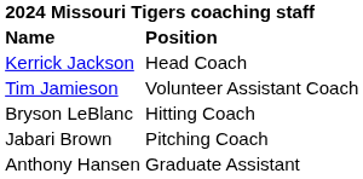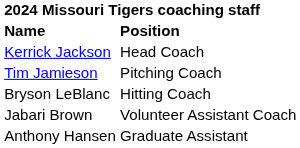 <table class="toccolours" style="text-align: left; font-size:90%;">
 <tr>
 <th colspan="10">2024 Missouri Tigers coaching staff</th>
 </tr>
 <tr>
 <th>Name</th>
 <th>Position</th>
 </tr>
 <tr>
 <td><a href='#'>Kerrick Jackson</a></td>
 <td>Head Coach</td>
 </tr>
 <tr>
 <td><a href='#'>Tim Jamieson</a></td>
-<td>Volunteer Assistant Coach</td>
+<td>Pitching Coach</td>
 </tr>
 <tr>
 <td>Bryson LeBlanc</td>
 <td>Hitting Coach</td>
 </tr>
 <tr>
 <td>Jabari Brown</td>
-<td>Pitching Coach</td>
+<td>Volunteer Assistant Coach</td>
 </tr>
 <tr>
 <td>Anthony Hansen</td>
 <td>Graduate Assistant</td>
 </tr>
 </table>
